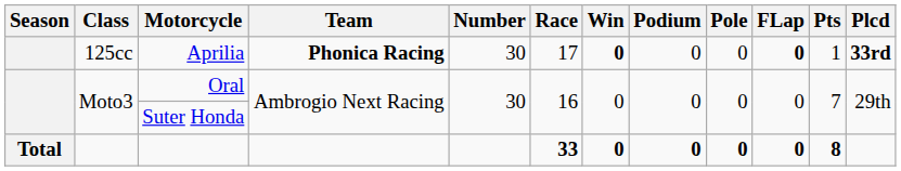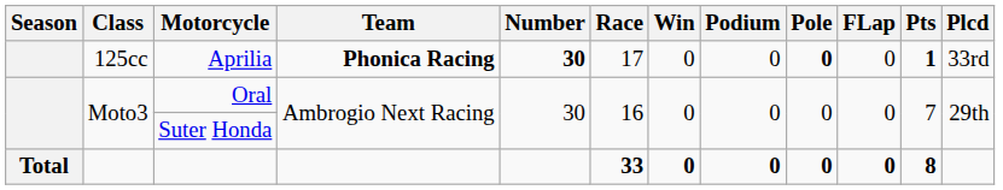 <table class="wikitable" style=text-align:right>
 <tr>
 <th>Season</th>
 <th>Class</th>
 <th>Motorcycle</th>
 <th>Team</th>
 <th>Number</th>
 <th>Race</th>
 <th>Win</th>
 <th>Podium</th>
 <th>Pole</th>
 <th>FLap</th>
 <th>Pts</th>
 <th>Plcd</th>
 </tr>
 <tr>
 <th></th>
 <td>125cc</td>
 <td><a href='#'>Aprilia</a></td>
 <td><strong>Phonica Racing</strong></td>
-<td>30</td>
+<td><strong>30</strong></td>
 <td>17</td>
-<td><strong>0</strong></td>
 <td>0</td>
 <td>0</td>
 <td><strong>0</strong></td>
-<td>1</td>
-<td><strong>33rd</strong></td>
+<td>0</td>
+<td><strong>1</strong></td>
+<td>33rd</td>
 </tr>
 <tr>
 <th rowspan=2></th>
 <td rowspan=2>Moto3</td>
 <td><a href='#'>Oral</a></td>
 <td rowspan=2>Ambrogio Next Racing</td>
 <td rowspan=2>30</td>
 <td rowspan=2>16</td>
 <td rowspan=2>0</td>
 <td rowspan=2>0</td>
 <td rowspan=2>0</td>
 <td rowspan=2>0</td>
 <td rowspan=2>7</td>
 <td rowspan=2>29th</td>
 </tr>
 <tr>
 <td><a href='#'>Suter</a> <a href='#'>Honda</a></td>
 </tr>
 <tr>
 <th>Total</th>
 <td></td>
 <td></td>
 <td></td>
 <td></td>
 <td><strong>33</strong></td>
 <td><strong>0</strong></td>
 <td><strong>0</strong></td>
 <td><strong>0</strong></td>
 <td><strong>0</strong></td>
 <td><strong>8</strong></td>
 <td></td>
 </tr>
 </table>
